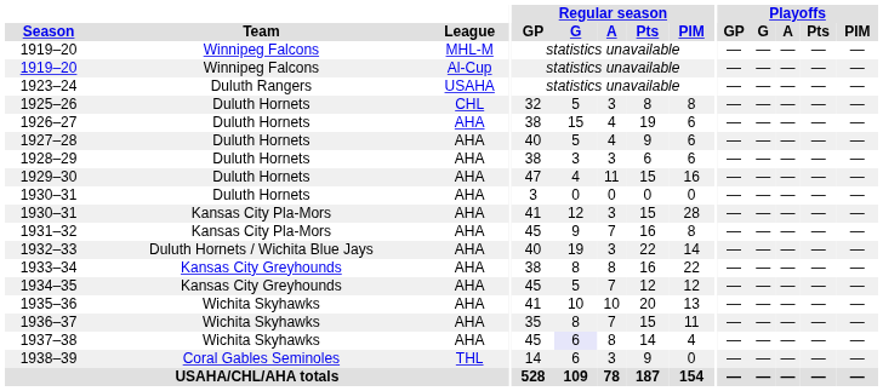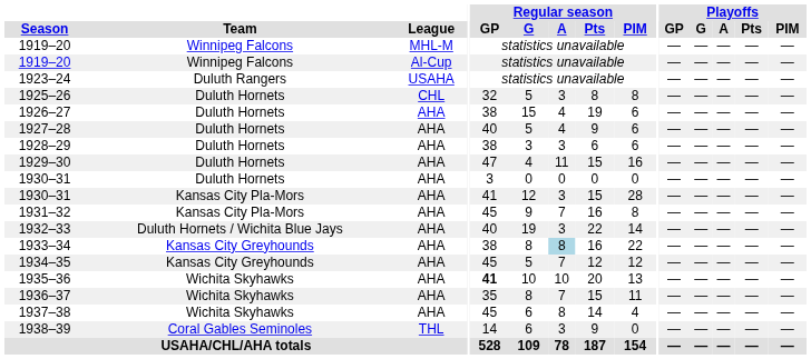 <table border="0" cellpadding="1" cellspacing="0" style="text-align:center; width:60em">
 <tr bgcolor="#e0e0e0">
 <th colspan="3" bgcolor="#ffffff"></th>
 <th rowspan="100" bgcolor="#ffffff"></th>
 <th colspan="5"><a href='#'>Regular season</a></th>
 <th rowspan="100" bgcolor="#ffffff"></th>
 <th colspan="5"><a href='#'>Playoffs</a></th>
 </tr>
 <tr bgcolor="#e0e0e0">
 <th><a href='#'>Season</a></th>
 <th>Team</th>
 <th>League</th>
 <th>GP</th>
 <th><a href='#'>G</a></th>
 <th><a href='#'>A</a></th>
 <th><a href='#'>Pts</a></th>
 <th><a href='#'>PIM</a></th>
 <th>GP</th>
 <th>G</th>
 <th>A</th>
 <th>Pts</th>
 <th>PIM</th>
 </tr>
 <tr>
 <td>1919–20</td>
 <td><a href='#'>Winnipeg Falcons</a></td>
 <td><a href='#'>MHL-M</a></td>
 <td colspan="5"><em>statistics unavailable</em></td>
 <td>—</td>
 <td>—</td>
 <td>—</td>
 <td>—</td>
 <td>—</td>
 </tr>
 <tr bgcolor="#f0f0f0">
 <td><a href='#'>1919–20</a></td>
 <td>Winnipeg Falcons</td>
 <td><a href='#'>Al-Cup</a></td>
 <td colspan="5"><em>statistics unavailable</em></td>
 <td>—</td>
 <td>—</td>
 <td>—</td>
 <td>—</td>
 <td>—</td>
 </tr>
 <tr>
 <td>1923–24</td>
 <td>Duluth Rangers</td>
 <td><a href='#'>USAHA</a></td>
 <td colspan="5"><em>statistics unavailable</em></td>
 <td>—</td>
 <td>—</td>
 <td>—</td>
 <td>—</td>
 <td>—</td>
 </tr>
 <tr bgcolor="#f0f0f0">
 <td>1925–26</td>
 <td>Duluth Hornets</td>
 <td><a href='#'>CHL</a></td>
 <td>32</td>
 <td>5</td>
 <td>3</td>
 <td>8</td>
 <td>8</td>
 <td>—</td>
 <td>—</td>
 <td>—</td>
 <td>—</td>
 <td>—</td>
 </tr>
 <tr>
 <td>1926–27</td>
 <td>Duluth Hornets</td>
 <td><a href='#'>AHA</a></td>
 <td>38</td>
 <td>15</td>
 <td>4</td>
 <td>19</td>
 <td>6</td>
 <td>—</td>
 <td>—</td>
 <td>—</td>
 <td>—</td>
 <td>—</td>
 </tr>
 <tr bgcolor="#f0f0f0">
 <td>1927–28</td>
 <td>Duluth Hornets</td>
 <td>AHA</td>
 <td>40</td>
 <td>5</td>
 <td>4</td>
 <td>9</td>
 <td>6</td>
 <td>—</td>
 <td>—</td>
 <td>—</td>
 <td>—</td>
 <td>—</td>
 </tr>
 <tr>
 <td>1928–29</td>
 <td>Duluth Hornets</td>
 <td>AHA</td>
 <td>38</td>
 <td>3</td>
 <td>3</td>
 <td>6</td>
 <td>6</td>
 <td>—</td>
 <td>—</td>
 <td>—</td>
 <td>—</td>
 <td>—</td>
 </tr>
 <tr bgcolor="#f0f0f0">
 <td>1929–30</td>
 <td>Duluth Hornets</td>
 <td>AHA</td>
 <td>47</td>
 <td>4</td>
 <td>11</td>
 <td>15</td>
 <td>16</td>
 <td>—</td>
 <td>—</td>
 <td>—</td>
 <td>—</td>
 <td>—</td>
 </tr>
 <tr>
 <td>1930–31</td>
 <td>Duluth Hornets</td>
 <td>AHA</td>
 <td>3</td>
 <td>0</td>
 <td>0</td>
 <td>0</td>
 <td>0</td>
 <td>—</td>
 <td>—</td>
 <td>—</td>
 <td>—</td>
 <td>—</td>
 </tr>
 <tr bgcolor="#f0f0f0">
 <td>1930–31</td>
 <td>Kansas City Pla-Mors</td>
 <td>AHA</td>
 <td>41</td>
 <td>12</td>
 <td>3</td>
 <td>15</td>
 <td>28</td>
 <td>—</td>
 <td>—</td>
 <td>—</td>
 <td>—</td>
 <td>—</td>
 </tr>
 <tr>
 <td>1931–32</td>
 <td>Kansas City Pla-Mors</td>
 <td>AHA</td>
 <td>45</td>
 <td>9</td>
 <td>7</td>
 <td>16</td>
 <td>8</td>
 <td>—</td>
 <td>—</td>
 <td>—</td>
 <td>—</td>
 <td>—</td>
 </tr>
 <tr bgcolor="#f0f0f0">
 <td>1932–33</td>
 <td>Duluth Hornets / Wichita Blue Jays</td>
 <td>AHA</td>
 <td>40</td>
 <td>19</td>
 <td>3</td>
 <td>22</td>
 <td>14</td>
 <td>—</td>
 <td>—</td>
 <td>—</td>
 <td>—</td>
 <td>—</td>
 </tr>
 <tr>
 <td>1933–34</td>
 <td><a href='#'>Kansas City Greyhounds</a></td>
 <td>AHA</td>
 <td>38</td>
 <td>8</td>
-<td>8</td>
+<td style="background: lightblue;">8</td>
 <td>16</td>
 <td>22</td>
 <td>—</td>
 <td>—</td>
 <td>—</td>
 <td>—</td>
 <td>—</td>
 </tr>
 <tr bgcolor="#f0f0f0">
 <td>1934–35</td>
 <td>Kansas City Greyhounds</td>
 <td>AHA</td>
 <td>45</td>
 <td>5</td>
 <td>7</td>
 <td>12</td>
 <td>12</td>
 <td>—</td>
 <td>—</td>
 <td>—</td>
 <td>—</td>
 <td>—</td>
 </tr>
 <tr>
 <td>1935–36</td>
 <td>Wichita Skyhawks</td>
 <td>AHA</td>
-<td>41</td>
+<td><strong>41</strong></td>
 <td>10</td>
 <td>10</td>
 <td>20</td>
 <td>13</td>
 <td>—</td>
 <td>—</td>
 <td>—</td>
 <td>—</td>
 <td>—</td>
 </tr>
 <tr bgcolor="#f0f0f0">
 <td>1936–37</td>
 <td>Wichita Skyhawks</td>
 <td>AHA</td>
 <td>35</td>
 <td>8</td>
 <td>7</td>
 <td>15</td>
 <td>11</td>
 <td>—</td>
 <td>—</td>
 <td>—</td>
 <td>—</td>
 <td>—</td>
 </tr>
 <tr>
 <td>1937–38</td>
 <td>Wichita Skyhawks</td>
 <td>AHA</td>
 <td>45</td>
-<td style="background: lavender;">6</td>
+<td>6</td>
 <td>8</td>
 <td>14</td>
 <td>4</td>
 <td>—</td>
 <td>—</td>
 <td>—</td>
 <td>—</td>
 <td>—</td>
 </tr>
 <tr bgcolor="#f0f0f0">
 <td>1938–39</td>
 <td><a href='#'>Coral Gables Seminoles</a></td>
 <td><a href='#'>THL</a></td>
 <td>14</td>
 <td>6</td>
 <td>3</td>
 <td>9</td>
 <td>0</td>
 <td>—</td>
 <td>—</td>
 <td>—</td>
 <td>—</td>
 <td>—</td>
 </tr>
 <tr bgcolor="#e0e0e0">
 <th colspan="3">USAHA/CHL/AHA totals</th>
 <th>528</th>
 <th>109</th>
 <th>78</th>
 <th>187</th>
 <th>154</th>
 <th>—</th>
 <th>—</th>
 <th>—</th>
 <th>—</th>
 <th>—</th>
 </tr>
 </table>
